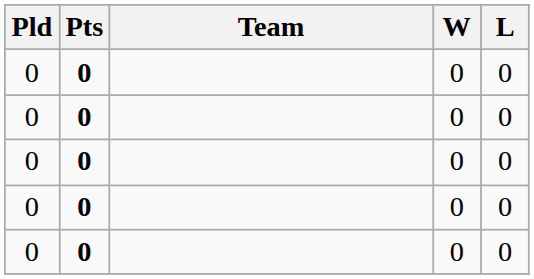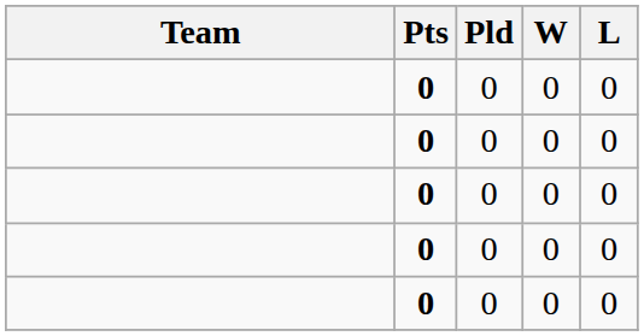 <table class=wikitable style="text-align:center">
 <tr>
+<th width=175>Team</th>
+<th width=20>Pts</th>
 <th width=20>Pld</th>
-<th width=20>Pts</th>
-<th width=175>Team</th>
 <th width=20>W</th>
 <th width=20>L</th>
 </tr>
 <tr>
+<td style="text-align:left"></td>
+<td><strong>0</strong></td>
 <td>0</td>
-<td><strong>0</strong></td>
-<td style="text-align:left"></td>
 <td>0</td>
 <td>0</td>
 </tr>
 <tr>
+<td style="text-align:left"></td>
+<td><strong>0</strong></td>
 <td>0</td>
-<td><strong>0</strong></td>
-<td style="text-align:left"></td>
 <td>0</td>
 <td>0</td>
 </tr>
 <tr>
+<td style="text-align:left"></td>
+<td><strong>0</strong></td>
 <td>0</td>
-<td><strong>0</strong></td>
-<td style="text-align:left"></td>
 <td>0</td>
 <td>0</td>
 </tr>
 <tr>
+<td style="text-align:left"></td>
+<td><strong>0</strong></td>
 <td>0</td>
-<td><strong>0</strong></td>
-<td style="text-align:left"></td>
 <td>0</td>
 <td>0</td>
 </tr>
 <tr>
+<td style="text-align:left"></td>
+<td><strong>0</strong></td>
 <td>0</td>
-<td><strong>0</strong></td>
-<td style="text-align:left"></td>
 <td>0</td>
 <td>0</td>
 </tr>
 </table>
